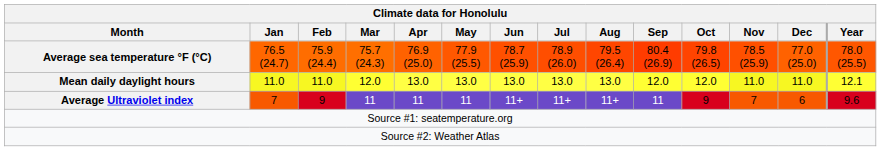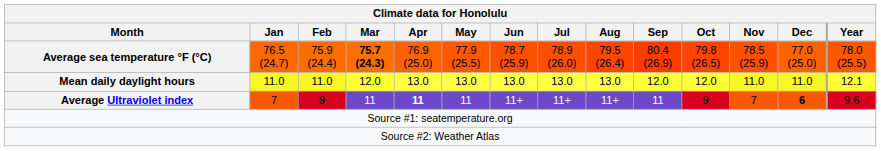 <table style="width:100%;text-align:center;line-height:1.2em;margin-left:auto;margin-right:auto" class="wikitable mw-collapsible mw-collapsed">
 <tr>
 <th Colspan=14>Climate data for Honolulu</th>
 </tr>
 <tr>
 <th>Month</th>
 <th>Jan</th>
 <th>Feb</th>
 <th>Mar</th>
 <th>Apr</th>
 <th>May</th>
 <th>Jun</th>
 <th>Jul</th>
 <th>Aug</th>
 <th>Sep</th>
 <th>Oct</th>
 <th>Nov</th>
 <th>Dec</th>
 <th style="border-left-width:medium">Year</th>
 </tr>
 <tr>
 <th>Average sea temperature °F (°C)</th>
 <td style="background:#FF6700;color:#000000;">76.5<br>(24.7)</td>
 <td style="background:#FF6D00;color:#000000;">75.9<br>(24.4)</td>
-<td style="background:#FF6F00;color:#000000;">75.7<br>(24.3)</td>
+<td style="background:#FF6F00;color:#000000;"><strong>75.7<br>(24.3)</strong></td>
 <td style="background:#FF6200;color:#000000;">76.9<br>(25.0)</td>
 <td style="background:#FF5800;color:#000000;">77.9<br>(25.5)</td>
 <td style="background:#FF5000;color:#000000;">78.7<br>(25.9)</td>
 <td style="background:#FF4E00;color:#000000;">78.9<br>(26.0)</td>
 <td style="background:#FF4600;color:#000000;">79.5<br>(26.4)</td>
 <td style="background:#FF3C00;color:#000000;">80.4<br>(26.9)</td>
 <td style="background:#FF4400;color:#000000;">79.8<br>(26.5)</td>
 <td style="background:#FF5000;color:#000000;">78.5<br>(25.9)</td>
 <td style="background:#FF6200;color:#000000;">77.0<br>(25.0)</td>
 <td style="background:#FF5700;color:#000000;border-left-width:medium">78.0<br>(25.5)</td>
 </tr>
 <tr>
 <th>Mean daily daylight hours</th>
 <td style="background:#F7F722;color:#000000;">11.0</td>
 <td style="background:#F7F722;color:#000000;">11.0</td>
 <td style="background:#FFFF33;color:#000000;">12.0</td>
 <td style="background:#FFFF44;color:#000000;">13.0</td>
 <td style="background:#FFFF44;color:#000000;">13.0</td>
 <td style="background:#FFFF44;color:#000000;">13.0</td>
 <td style="background:#FFFF44;color:#000000;">13.0</td>
 <td style="background:#FFFF44;color:#000000;">13.0</td>
 <td style="background:#FFFF33;color:#000000;">12.0</td>
 <td style="background:#FFFF33;color:#000000;">12.0</td>
 <td style="background:#F7F722;color:#000000;">11.0</td>
 <td style="background:#F7F722;color:#000000;">11.0</td>
 <td style="background:#FFFF34;color:#000000;border-left-width:medium">12.1</td>
 </tr>
 <tr>
 <th>Average <a href='#'>Ultraviolet index</a></th>
 <td style="background:#f85900;color:#000000;">7</td>
 <td style="background:#d8001d;color:#000000;">9</td>
 <td style="background:#6b49c8;color:#FFFFFF;">11</td>
-<td style="background:#6b49c8;color:#FFFFFF;">11</td>
+<td style="background:#6b49c8;color:#FFFFFF;"><strong>11</strong></td>
 <td style="background:#6b49c8;color:#FFFFFF;">11</td>
 <td style="background:#6b49c8;color:#FFFFFF;">11+</td>
 <td style="background:#6b49c8;color:#FFFFFF;">11+</td>
 <td style="background:#6b49c8;color:#FFFFFF;">11+</td>
 <td style="background:#6b49c8;color:#FFFFFF;">11</td>
 <td style="background:#d8001d;color:#000000;">9</td>
 <td style="background:#f85900;color:#000000;">7</td>
-<td style="background:#f85900;color:#000000;">6</td>
+<td style="background:#f85900;color:#000000;"><strong>6</strong></td>
 <td style="background:#d8001d;color:#000000;border-left-width:medium">9.6</td>
 </tr>
 <tr>
 <th Colspan=14 style="background:#f8f9fa;font-weight:normal;font-size:95%;">Source #1: seatemperature.org</th>
 </tr>
 <tr>
 <th Colspan=14 style="background:#f8f9fa;font-weight:normal;font-size:95%;">Source #2: Weather Atlas</th>
 </tr>
 </table>
